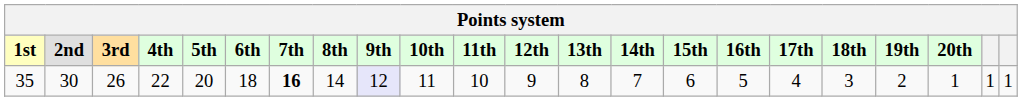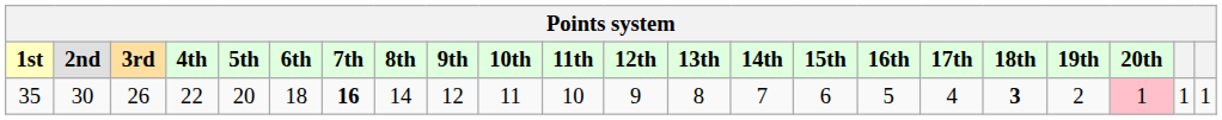 <table class="wikitable" style="font-size:95%; text-align:center">
 <tr>
 <th colspan="22">Points system</th>
 </tr>
 <tr>
 <td style="background:#ffffbf;"> <strong>1st</strong> </td>
 <td style="background:#dfdfdf;"> <strong>2nd</strong> </td>
 <td style="background:#ffdf9f;"> <strong>3rd</strong> </td>
 <td style="background:#dfffdf;"> <strong>4th</strong> </td>
 <td style="background:#dfffdf;"> <strong>5th</strong> </td>
 <td style="background:#dfffdf;"> <strong>6th</strong> </td>
 <td style="background:#dfffdf;"> <strong>7th</strong> </td>
 <td style="background:#dfffdf;"> <strong>8th</strong> </td>
 <td style="background:#dfffdf;"> <strong>9th</strong> </td>
 <td style="background:#dfffdf;"> <strong>10th</strong> </td>
 <td style="background:#dfffdf;"> <strong>11th</strong> </td>
 <td style="background:#dfffdf;"> <strong>12th</strong> </td>
 <td style="background:#dfffdf;"> <strong>13th</strong> </td>
 <td style="background:#dfffdf;"> <strong>14th</strong> </td>
 <td style="background:#dfffdf;"> <strong>15th</strong> </td>
 <td style="background:#dfffdf;"> <strong>16th</strong> </td>
 <td style="background:#dfffdf;"> <strong>17th</strong> </td>
 <td style="background:#dfffdf;"> <strong>18th</strong> </td>
 <td style="background:#dfffdf;"> <strong>19th</strong> </td>
 <td style="background:#dfffdf;"> <strong>20th</strong> </td>
 <th></th>
 <th></th>
 </tr>
 <tr>
 <td>35</td>
 <td>30</td>
 <td>26</td>
 <td>22</td>
 <td>20</td>
 <td>18</td>
 <td><strong>16</strong></td>
 <td>14</td>
-<td style="background: lavender;">12</td>
+<td>12</td>
 <td>11</td>
 <td>10</td>
 <td>9</td>
 <td>8</td>
 <td>7</td>
 <td>6</td>
 <td>5</td>
 <td>4</td>
-<td>3</td>
+<td><strong>3</strong></td>
 <td>2</td>
-<td>1</td>
+<td style="background: pink;">1</td>
 <td>1</td>
 <td>1</td>
 </tr>
 </table>
